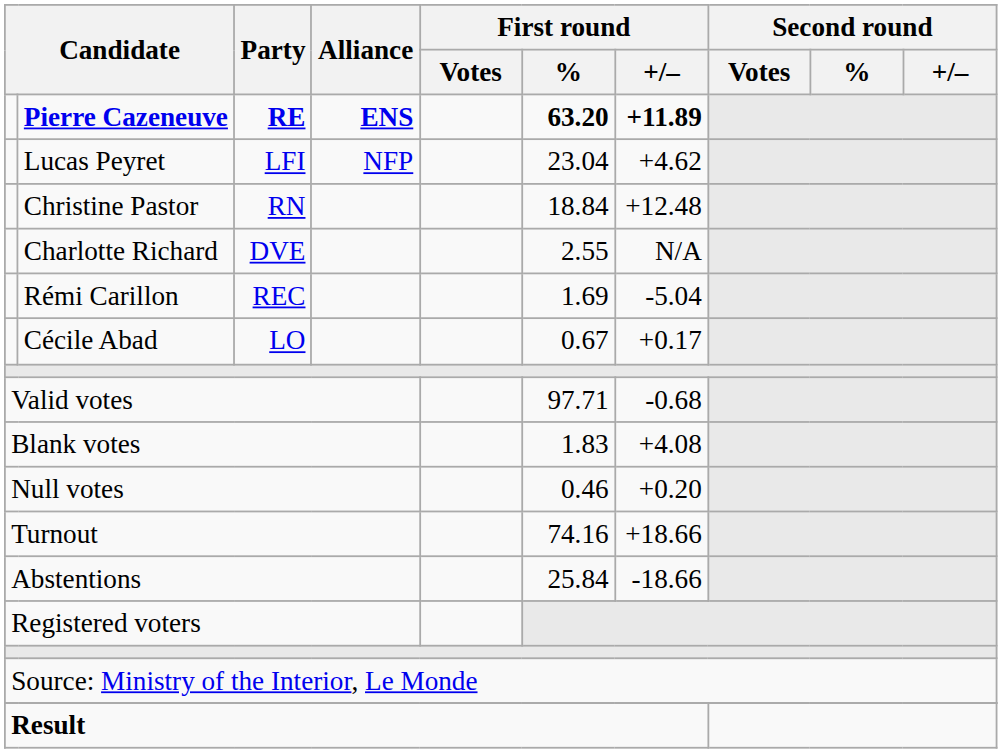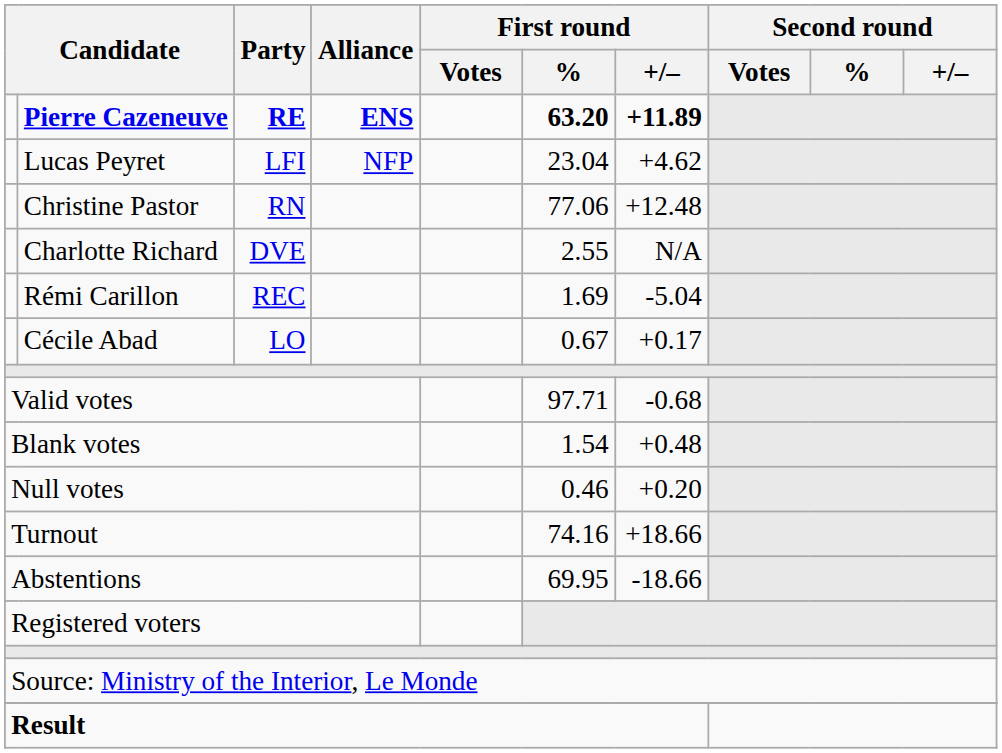 <table class="wikitable" style="text-align:right;font-size:95%;">
 <tr>
 <th rowspan="2" colspan="2">Candidate</th>
 <th rowspan="2">Party</th>
 <th rowspan="2">Alliance</th>
 <th colspan="3">First round</th>
 <th colspan="3">Second round</th>
 </tr>
 <tr>
 <th style="width:50px;">Votes</th>
 <th style="width:45px;">%</th>
 <th style="width:45px;">+/–</th>
 <th style="width:50px;">Votes</th>
 <th style="width:45px;">%</th>
 <th style="width:45px;">+/–</th>
 </tr>
 <tr>
 <td style="color:inherit;background:"></td>
 <td style="text-align:left;"><strong><a href='#'>Pierre Cazeneuve</a></strong></td>
 <td><a href='#'><strong>RE</strong></a></td>
 <td><a href='#'><strong>ENS</strong></a></td>
 <td><strong></strong></td>
 <td><strong>63.20</strong></td>
 <td><strong>+11.89</strong></td>
 <td colspan="3" style="background:#E9E9E9;"></td>
 </tr>
 <tr>
 <td style="color:inherit;background:"></td>
 <td style="text-align:left;">Lucas Peyret</td>
 <td><a href='#'>LFI</a></td>
 <td><a href='#'>NFP</a></td>
 <td></td>
 <td>23.04</td>
 <td>+4.62</td>
 <td colspan="3" style="background:#E9E9E9;"></td>
 </tr>
 <tr>
 <td style="color:inherit;background:"></td>
 <td style="text-align:left;">Christine Pastor</td>
 <td><a href='#'>RN</a></td>
 <td></td>
 <td></td>
-<td>18.84</td>
+<td>77.06</td>
 <td>+12.48</td>
 <td colspan="3" style="background:#E9E9E9;"></td>
 </tr>
 <tr>
 <td style="color:inherit;background:"></td>
 <td style="text-align:left;">Charlotte Richard</td>
 <td><a href='#'>DVE</a></td>
 <td></td>
 <td></td>
 <td>2.55</td>
 <td>N/A</td>
 <td colspan="3" style="background:#E9E9E9;"></td>
 </tr>
 <tr>
 <td style="color:inherit;background:"></td>
 <td style="text-align:left;">Rémi Carillon</td>
 <td><a href='#'>REC</a></td>
 <td></td>
 <td></td>
 <td>1.69</td>
 <td>-5.04</td>
 <td colspan="3" style="background:#E9E9E9;"></td>
 </tr>
 <tr>
 <td style="color:inherit;background:"></td>
 <td style="text-align:left;">Cécile Abad</td>
 <td><a href='#'>LO</a></td>
 <td></td>
 <td></td>
 <td>0.67</td>
 <td>+0.17</td>
 <td colspan="3" style="background:#E9E9E9;"></td>
 </tr>
 <tr>
 <td colspan="10" style="background:#E9E9E9;"></td>
 </tr>
 <tr>
 <td colspan="4" style="text-align:left;">Valid votes</td>
 <td></td>
 <td>97.71</td>
 <td>-0.68</td>
 <td colspan="3" style="background:#E9E9E9;"></td>
 </tr>
 <tr>
 <td colspan="4" style="text-align:left;">Blank votes</td>
 <td></td>
-<td>1.83</td>
-<td>+4.08</td>
+<td>1.54</td>
+<td>+0.48</td>
 <td colspan="3" style="background:#E9E9E9;"></td>
 </tr>
 <tr>
 <td colspan="4" style="text-align:left;">Null votes</td>
 <td></td>
 <td>0.46</td>
 <td>+0.20</td>
 <td colspan="3" style="background:#E9E9E9;"></td>
 </tr>
 <tr>
 <td colspan="4" style="text-align:left;">Turnout</td>
 <td></td>
 <td>74.16</td>
 <td>+18.66</td>
 <td colspan="3" style="background:#E9E9E9;"></td>
 </tr>
 <tr>
 <td colspan="4" style="text-align:left;">Abstentions</td>
 <td></td>
-<td>25.84</td>
+<td>69.95</td>
 <td>-18.66</td>
 <td colspan="3" style="background:#E9E9E9;"></td>
 </tr>
 <tr>
 <td colspan="4" style="text-align:left;">Registered voters</td>
 <td></td>
 <td colspan="5" style="background:#E9E9E9;"></td>
 </tr>
 <tr>
 <td colspan="10" style="background:#E9E9E9;"></td>
 </tr>
 <tr>
 <td colspan="10" style="text-align:left;">Source: <a href='#'>Ministry of the Interior</a>, <a href='#'>Le Monde</a></td>
 </tr>
 <tr>
 </tr>
 <tr style="font-weight:bold">
 <td colspan="7" style="text-align:left;">Result</td>
 <td colspan="7" style="background-color:"></td>
 </tr>
 </table>
